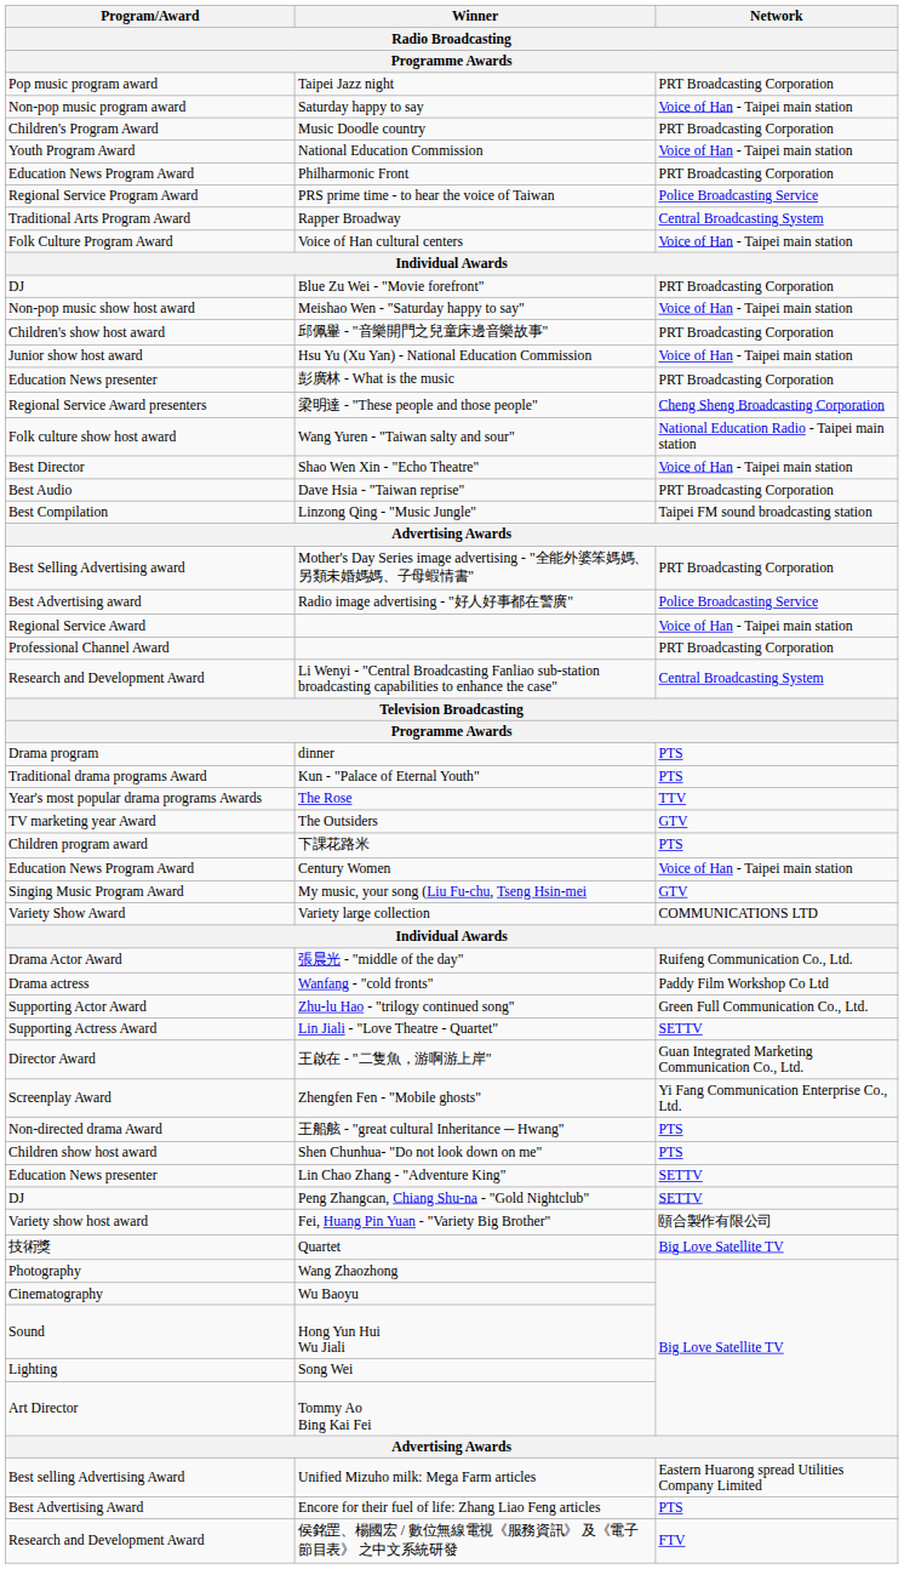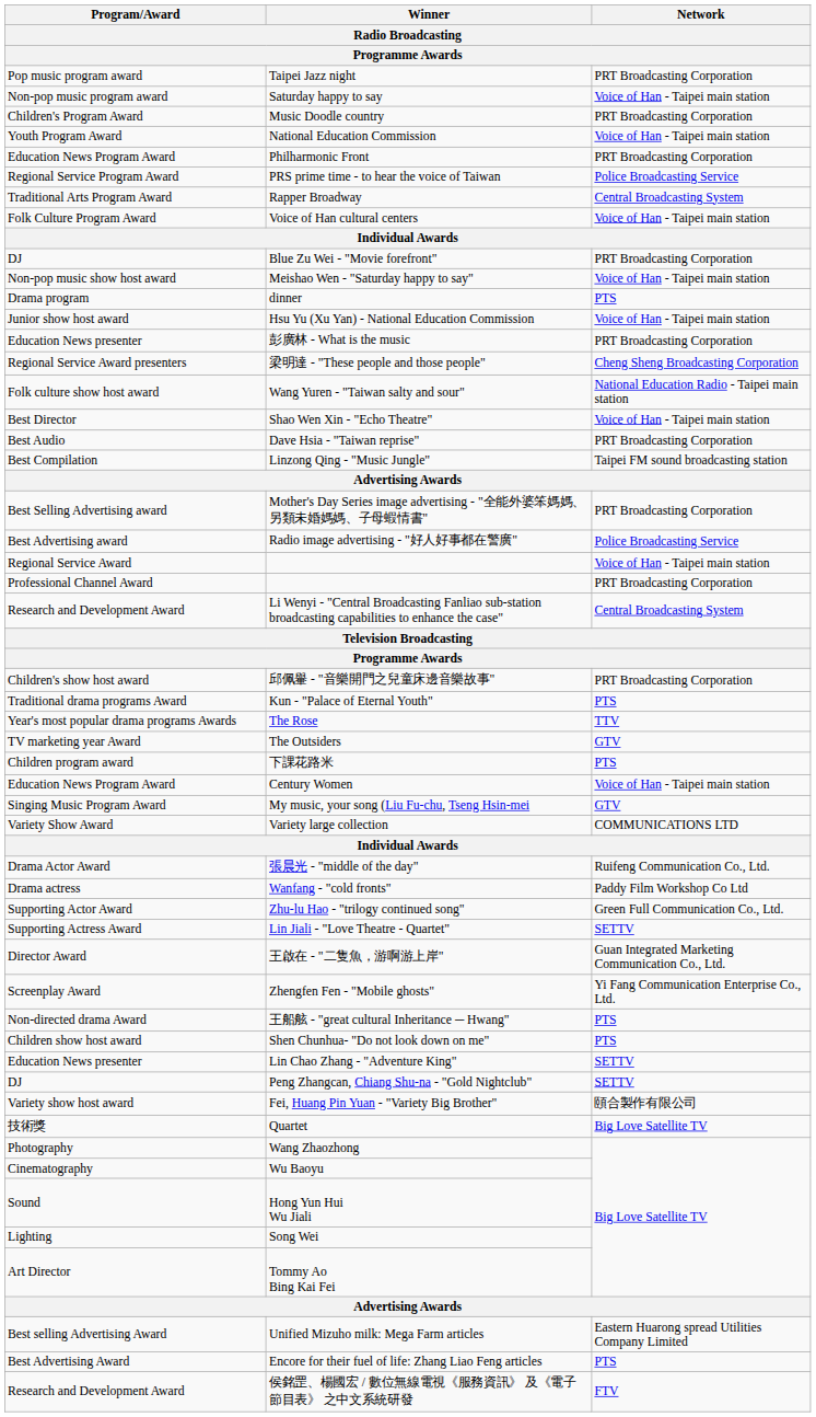 <table class="wikitable">
 <tr>
 <th style="width:240pt;">Program/Award</th>
 <th style="width:300pt;">Winner</th>
 <th style="width:200pt;">Network</th>
 </tr>
 <tr>
 <th colspan=3 style="text-align:center" style="background:#99CCFF;">Radio Broadcasting</th>
 </tr>
 <tr>
 <th colspan=3 style="text-align:center" style="background:LightSteelBlue;">Programme Awards</th>
 </tr>
 <tr>
 <td>Pop music program award</td>
 <td>Taipei Jazz night</td>
 <td>PRT Broadcasting Corporation</td>
 </tr>
 <tr>
 <td>Non-pop music program award</td>
 <td>Saturday happy to say</td>
 <td><a href='#'>Voice of Han</a> - Taipei main station</td>
 </tr>
 <tr>
 <td>Children's Program Award</td>
 <td>Music Doodle country</td>
 <td>PRT Broadcasting Corporation</td>
 </tr>
 <tr>
 <td>Youth Program Award</td>
 <td>National Education Commission</td>
 <td><a href='#'>Voice of Han</a> - Taipei main station</td>
 </tr>
 <tr>
 <td>Education News Program Award</td>
 <td>Philharmonic Front</td>
 <td>PRT Broadcasting Corporation</td>
 </tr>
 <tr>
 <td>Regional Service Program Award</td>
 <td>PRS prime time - to hear the voice of Taiwan</td>
 <td><a href='#'>Police Broadcasting Service</a></td>
 </tr>
 <tr>
 <td>Traditional Arts Program Award</td>
 <td>Rapper Broadway</td>
 <td><a href='#'>Central Broadcasting System</a></td>
 </tr>
 <tr>
 <td>Folk Culture Program Award</td>
 <td>Voice of Han cultural centers</td>
 <td><a href='#'>Voice of Han</a> - Taipei main station</td>
 </tr>
 <tr>
 <th colspan=3 style="text-align:center" style="background:LightSteelBlue;">Individual Awards</th>
 </tr>
 <tr>
 <td>DJ</td>
 <td>Blue Zu Wei - "Movie forefront"</td>
 <td>PRT Broadcasting Corporation</td>
 </tr>
 <tr>
 <td>Non-pop music show host award</td>
 <td>Meishao Wen - "Saturday happy to say"</td>
 <td><a href='#'>Voice of Han</a> - Taipei main station</td>
 </tr>
 <tr>
-<td>Children's show host award</td>
-<td>邱佩轝 - "音樂開門之兒童床邊音樂故事"</td>
-<td>PRT Broadcasting Corporation</td>
+<td>Drama program</td>
+<td>dinner</td>
+<td><a href='#'>PTS</a></td>
 </tr>
 <tr>
 <td>Junior show host award</td>
 <td>Hsu Yu (Xu Yan) - National Education Commission</td>
 <td><a href='#'>Voice of Han</a> - Taipei main station</td>
 </tr>
 <tr>
 <td>Education News presenter</td>
 <td>彭廣林 - What is the music</td>
 <td>PRT Broadcasting Corporation</td>
 </tr>
 <tr>
 <td>Regional Service Award presenters</td>
 <td>梁明達  - "These people and those people"</td>
 <td><a href='#'>Cheng Sheng Broadcasting Corporation</a></td>
 </tr>
 <tr>
 <td>Folk culture show host award</td>
 <td>Wang Yuren - "Taiwan salty and sour"</td>
 <td><a href='#'>National Education Radio</a> - Taipei main station</td>
 </tr>
 <tr>
 <td>Best Director</td>
 <td>Shao Wen Xin - "Echo Theatre"</td>
 <td><a href='#'>Voice of Han</a> - Taipei main station</td>
 </tr>
 <tr>
 <td>Best Audio</td>
 <td>Dave Hsia - "Taiwan reprise"</td>
 <td>PRT Broadcasting Corporation</td>
 </tr>
 <tr>
 <td>Best Compilation</td>
 <td>Linzong Qing - "Music Jungle"</td>
 <td>Taipei FM sound broadcasting station</td>
 </tr>
 <tr>
 <th colspan=3 style="text-align:center" style="background:LightSteelBlue;">Advertising Awards</th>
 </tr>
 <tr>
 <td>Best Selling Advertising award</td>
 <td>Mother's Day Series image advertising - "全能外婆笨媽媽、另類未婚媽媽、子母蝦情書"</td>
 <td>PRT Broadcasting Corporation</td>
 </tr>
 <tr>
 <td>Best Advertising award</td>
 <td>Radio image advertising - "好人好事都在警廣"</td>
 <td><a href='#'>Police Broadcasting Service</a></td>
 </tr>
 <tr>
 <td>Regional Service Award</td>
 <td></td>
 <td><a href='#'>Voice of Han</a> - Taipei main station</td>
 </tr>
 <tr>
 <td>Professional Channel Award</td>
 <td></td>
 <td>PRT Broadcasting Corporation</td>
 </tr>
 <tr>
 <td>Research and Development Award</td>
 <td>Li Wenyi - "Central Broadcasting Fanliao sub-station broadcasting capabilities to enhance the case"</td>
 <td><a href='#'>Central Broadcasting System</a></td>
 </tr>
 <tr>
 <th colspan=3 style="text-align:center" style="background:#99CCFF;">Television Broadcasting</th>
 </tr>
 <tr>
 <th colspan=3 style="text-align:center" style="background:LightSteelBlue;">Programme Awards</th>
 </tr>
 <tr>
-<td>Drama program</td>
-<td>dinner</td>
-<td><a href='#'>PTS</a></td>
+<td>Children's show host award</td>
+<td>邱佩轝 - "音樂開門之兒童床邊音樂故事"</td>
+<td>PRT Broadcasting Corporation</td>
 </tr>
 <tr>
 <td>Traditional drama programs Award</td>
 <td>Kun - "Palace of Eternal Youth"</td>
 <td><a href='#'>PTS</a></td>
 </tr>
 <tr>
 <td>Year's most popular drama programs Awards</td>
 <td><a href='#'>The Rose</a></td>
 <td><a href='#'>TTV</a></td>
 </tr>
 <tr>
 <td>TV marketing year Award</td>
 <td>The Outsiders</td>
 <td><a href='#'>GTV</a></td>
 </tr>
 <tr>
 <td>Children program award</td>
 <td>下課花路米</td>
 <td><a href='#'>PTS</a></td>
 </tr>
 <tr>
 <td>Education News Program Award</td>
 <td>Century Women</td>
 <td><a href='#'>Voice of Han</a> - Taipei main station</td>
 </tr>
 <tr>
 <td>Singing Music Program Award</td>
 <td>My music, your song  (<a href='#'>Liu Fu-chu</a>, <a href='#'>Tseng Hsin-mei</a></td>
 <td><a href='#'>GTV</a></td>
 </tr>
 <tr>
 <td>Variety Show Award</td>
 <td>Variety large collection</td>
 <td>COMMUNICATIONS LTD</td>
 </tr>
 <tr>
 <th colspan=3 style="text-align:center" style="background:LightSteelBlue;">Individual Awards</th>
 </tr>
 <tr>
 <td>Drama Actor Award</td>
 <td><a href='#'>張晨光</a> - "middle of the day"</td>
 <td>Ruifeng Communication Co., Ltd.</td>
 </tr>
 <tr>
 <td>Drama actress</td>
 <td><a href='#'>Wanfang</a> - "cold fronts"</td>
 <td>Paddy Film Workshop Co Ltd</td>
 </tr>
 <tr>
 <td>Supporting Actor Award</td>
 <td><a href='#'>Zhu-lu Hao</a> - "trilogy continued song"</td>
 <td>Green Full Communication Co., Ltd.</td>
 </tr>
 <tr>
 <td>Supporting Actress Award</td>
 <td><a href='#'>Lin Jiali</a> - "Love Theatre - Quartet"</td>
 <td><a href='#'>SETTV</a></td>
 </tr>
 <tr>
 <td>Director Award</td>
 <td>王啟在 - "二隻魚，游啊游上岸"</td>
 <td>Guan Integrated Marketing Communication Co., Ltd.</td>
 </tr>
 <tr>
 <td>Screenplay Award</td>
 <td>Zhengfen Fen - "Mobile ghosts"</td>
 <td>Yi Fang Communication Enterprise Co., Ltd.</td>
 </tr>
 <tr>
 <td>Non-directed drama Award</td>
 <td>王船舷 - "great cultural Inheritance ─ Hwang"</td>
 <td><a href='#'>PTS</a></td>
 </tr>
 <tr>
 <td>Children show host award</td>
 <td>Shen Chunhua- "Do not look down on me"</td>
 <td><a href='#'>PTS</a></td>
 </tr>
 <tr>
 <td>Education News presenter</td>
 <td>Lin Chao Zhang - "Adventure King"</td>
 <td><a href='#'>SETTV</a></td>
 </tr>
 <tr>
 <td>DJ</td>
 <td>Peng Zhangcan, <a href='#'>Chiang Shu-na</a> - "Gold Nightclub"</td>
 <td><a href='#'>SETTV</a></td>
 </tr>
 <tr>
 <td>Variety show host award</td>
 <td>Fei, <a href='#'>Huang Pin Yuan</a> - "Variety Big Brother"</td>
 <td>頤合製作有限公司</td>
 </tr>
 <tr>
 <td>技術獎</td>
 <td>Quartet</td>
 <td><a href='#'>Big Love Satellite TV</a></td>
 </tr>
 <tr>
 <td>Photography</td>
 <td>Wang Zhaozhong</td>
 <td rowspan=5><a href='#'>Big Love Satellite TV</a></td>
 </tr>
 <tr>
 <td>Cinematography</td>
 <td>Wu Baoyu</td>
 </tr>
 <tr>
 <td>Sound</td>
 <td><br>Hong Yun Hui <br>Wu Jiali</td>
 </tr>
 <tr>
 <td>Lighting</td>
 <td>Song Wei</td>
 </tr>
 <tr>
 <td>Art Director</td>
 <td><br>Tommy Ao <br>Bing Kai Fei</td>
 </tr>
 <tr>
 <th colspan=3 style="text-align:center" style="background:LightSteelBlue;">Advertising Awards</th>
 </tr>
 <tr>
 <td>Best selling Advertising Award</td>
 <td>Unified Mizuho milk: Mega Farm articles</td>
 <td>Eastern Huarong spread Utilities Company Limited</td>
 </tr>
 <tr>
 <td>Best Advertising Award</td>
 <td>Encore for their fuel of life: Zhang Liao Feng articles</td>
 <td><a href='#'>PTS</a></td>
 </tr>
 <tr>
 <td>Research and Development Award</td>
 <td>侯銘罡、楊國宏 / 數位無線電視《服務資訊》 及《電子節目表》 之中文系統研發</td>
 <td><a href='#'>FTV</a></td>
 </tr>
 </table>
